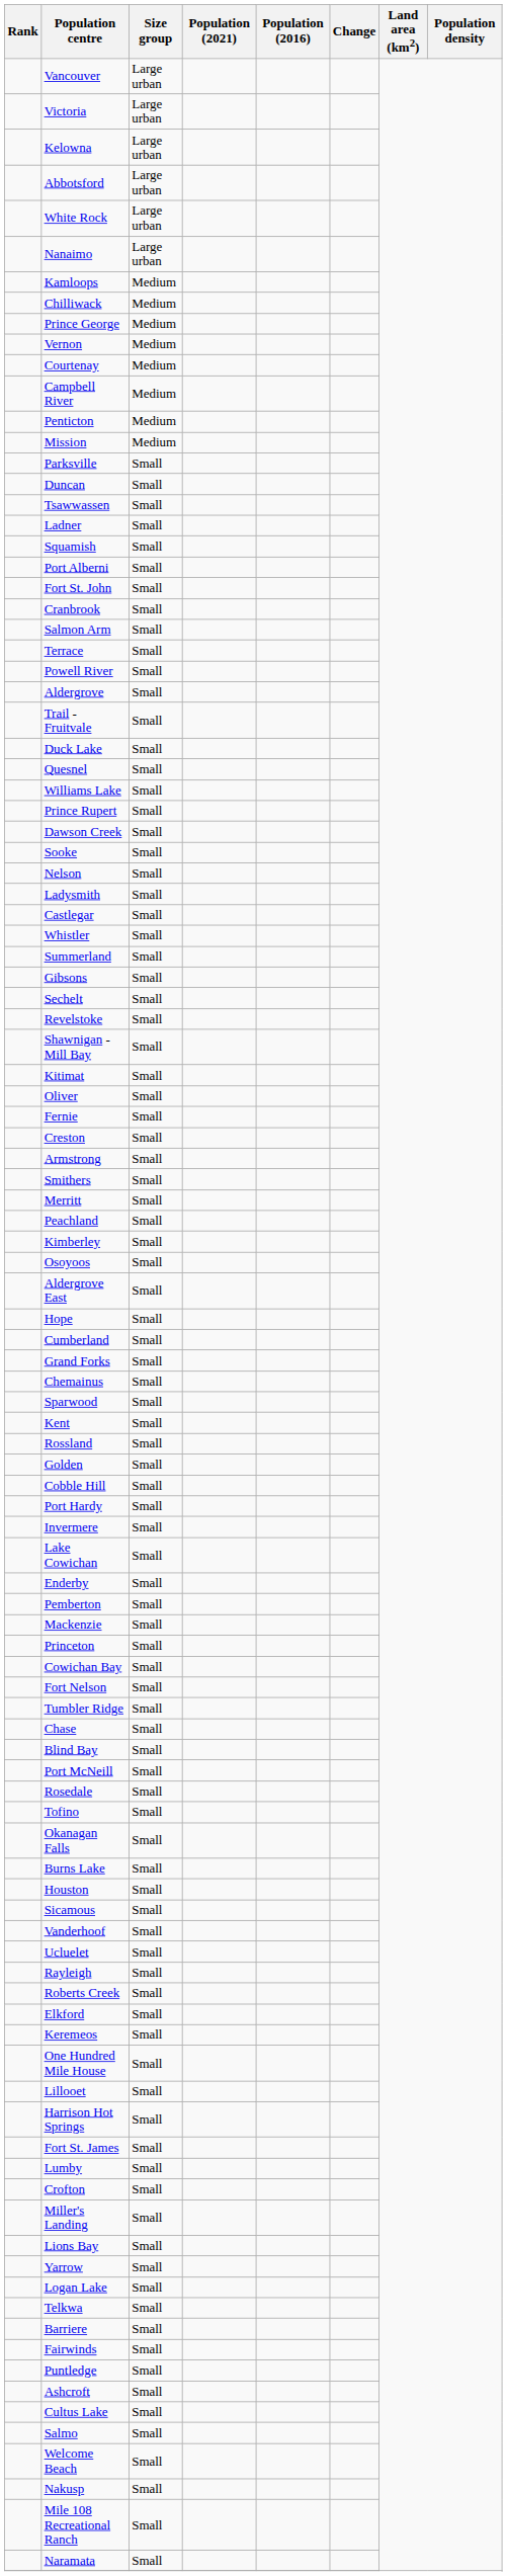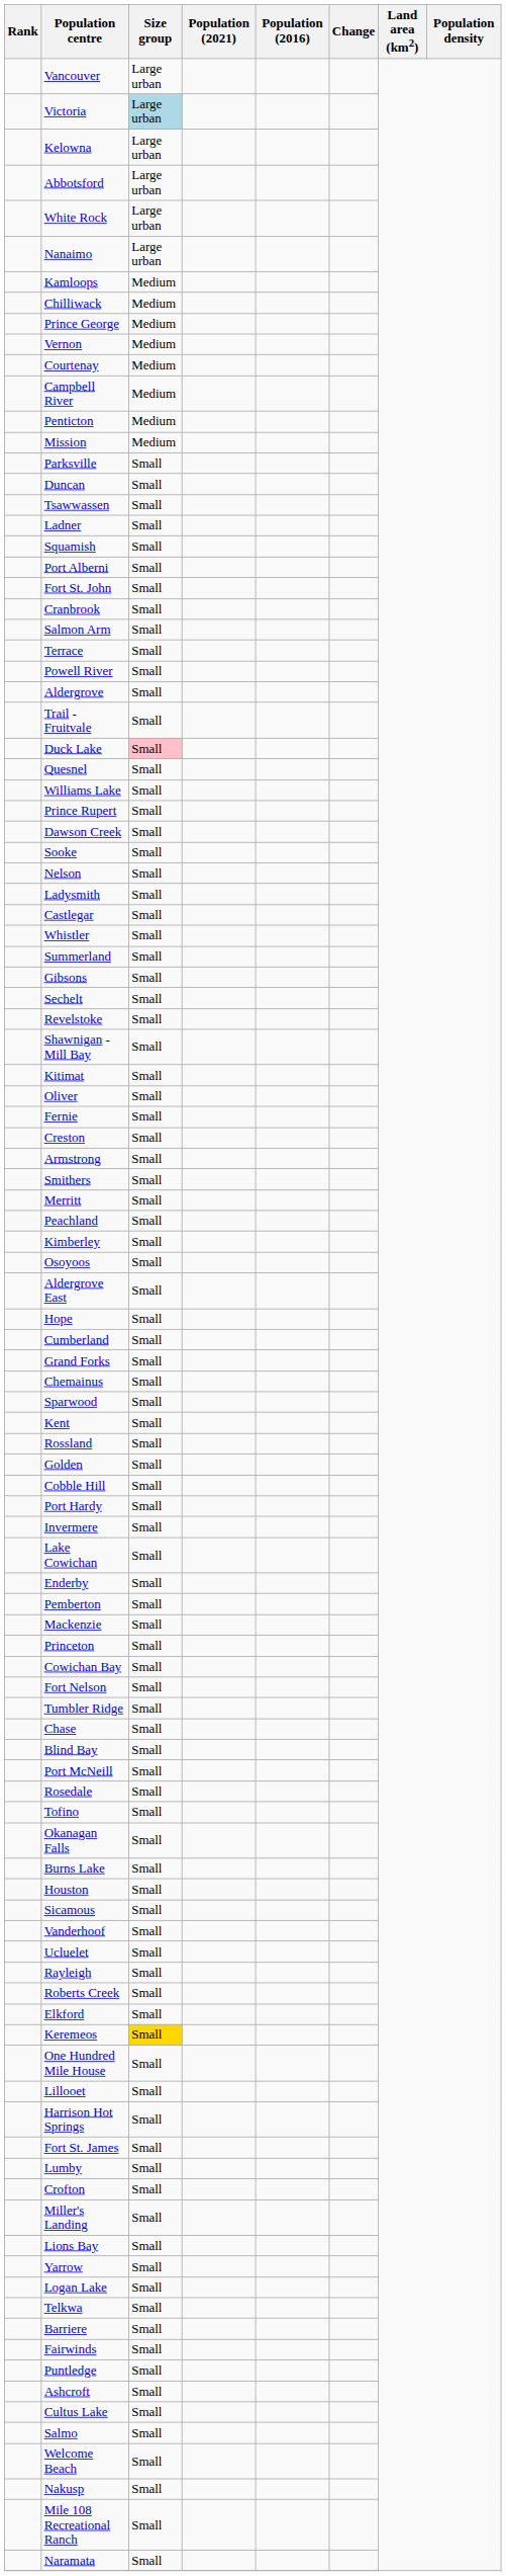 <table class="wikitable sortable">
 <tr>
 <th>Rank</th>
 <th>Population centre</th>
 <th>Size group</th>
 <th>Population (2021)</th>
 <th>Population (2016)</th>
 <th>Change</th>
 <th>Land area (km<sup>2</sup>)</th>
 <th>Population density</th>
 </tr>
 <tr>
 <td scope=row align=center></td>
 <td><a href='#'>Vancouver</a></td>
 <td>Large urban</td>
 <td></td>
 <td align=center></td>
 <td align=center></td>
 </tr>
 <tr>
 <td scope=row align=center></td>
 <td><a href='#'>Victoria</a></td>
-<td>Large urban</td>
+<td style="background: lightblue;">Large urban</td>
 <td></td>
 <td align=center></td>
 <td align=center></td>
 </tr>
 <tr>
 <td scope=row align=center></td>
 <td><a href='#'>Kelowna</a></td>
 <td>Large urban</td>
 <td></td>
 <td align=center></td>
 <td align=center></td>
 </tr>
 <tr>
 <td scope=row align=center></td>
 <td><a href='#'>Abbotsford</a></td>
 <td>Large urban</td>
 <td></td>
 <td align=center></td>
 <td align=center></td>
 </tr>
 <tr>
 <td scope=row align=center></td>
 <td><a href='#'>White Rock</a></td>
 <td>Large urban</td>
 <td></td>
 <td align=center></td>
 <td align=center></td>
 </tr>
 <tr>
 <td scope=row align=center></td>
 <td><a href='#'>Nanaimo</a></td>
 <td>Large urban</td>
 <td></td>
 <td align=center></td>
 <td align=center></td>
 </tr>
 <tr>
 <td scope=row align=center></td>
 <td><a href='#'>Kamloops</a></td>
 <td>Medium</td>
 <td></td>
 <td align=center></td>
 <td align=center></td>
 </tr>
 <tr>
 <td scope=row align=center></td>
 <td><a href='#'>Chilliwack</a></td>
 <td>Medium</td>
 <td></td>
 <td align=center></td>
 <td align=center></td>
 </tr>
 <tr>
 <td scope=row align=center></td>
 <td><a href='#'>Prince George</a></td>
 <td>Medium</td>
 <td></td>
 <td align=center></td>
 <td align=center></td>
 </tr>
 <tr>
 <td scope=row align=center></td>
 <td><a href='#'>Vernon</a></td>
 <td>Medium</td>
 <td></td>
 <td align=center></td>
 <td align=center></td>
 </tr>
 <tr>
 <td scope=row align=center></td>
 <td><a href='#'>Courtenay</a></td>
 <td>Medium</td>
 <td></td>
 <td align=center></td>
 <td align=center></td>
 </tr>
 <tr>
 <td scope=row align=center></td>
 <td><a href='#'>Campbell River</a></td>
 <td>Medium</td>
 <td></td>
 <td align=center></td>
 <td align=center></td>
 </tr>
 <tr>
 <td scope=row align=center></td>
 <td><a href='#'>Penticton</a></td>
 <td>Medium</td>
 <td></td>
 <td align=center></td>
 <td align=center></td>
 </tr>
 <tr>
 <td scope=row align=center></td>
 <td><a href='#'>Mission</a></td>
 <td>Medium</td>
 <td></td>
 <td align=center></td>
 <td align=center></td>
 </tr>
 <tr>
 <td scope=row align=center></td>
 <td><a href='#'>Parksville</a></td>
 <td>Small</td>
 <td></td>
 <td align=center></td>
 <td align=center></td>
 </tr>
 <tr>
 <td scope=row align=center></td>
 <td><a href='#'>Duncan</a></td>
 <td>Small</td>
 <td></td>
 <td align=center></td>
 <td align=center></td>
 </tr>
 <tr>
 <td scope=row align=center></td>
 <td><a href='#'>Tsawwassen</a></td>
 <td>Small</td>
 <td></td>
 <td align=center></td>
 <td align=center></td>
 </tr>
 <tr>
 <td scope=row align=center></td>
 <td><a href='#'>Ladner</a></td>
 <td>Small</td>
 <td></td>
 <td align=center></td>
 <td align=center></td>
 </tr>
 <tr>
 <td scope=row align=center></td>
 <td><a href='#'>Squamish</a></td>
 <td>Small</td>
 <td></td>
 <td align=center></td>
 <td align=center></td>
 </tr>
 <tr>
 <td scope=row align=center></td>
 <td><a href='#'>Port Alberni</a></td>
 <td>Small</td>
 <td></td>
 <td align=center></td>
 <td align=center></td>
 </tr>
 <tr>
 <td scope=row align=center></td>
 <td><a href='#'>Fort St. John</a></td>
 <td>Small</td>
 <td></td>
 <td align=center></td>
 <td align=center></td>
 </tr>
 <tr>
 <td scope=row align=center></td>
 <td><a href='#'>Cranbrook</a></td>
 <td>Small</td>
 <td></td>
 <td align=center></td>
 <td align=center></td>
 </tr>
 <tr>
 <td scope=row align=center></td>
 <td><a href='#'>Salmon Arm</a></td>
 <td>Small</td>
 <td></td>
 <td align=center></td>
 <td align=center></td>
 </tr>
 <tr>
 <td scope=row align=center></td>
 <td><a href='#'>Terrace</a></td>
 <td>Small</td>
 <td></td>
 <td align=center></td>
 <td align=center></td>
 </tr>
 <tr>
 <td scope=row align=center></td>
 <td><a href='#'>Powell River</a></td>
 <td>Small</td>
 <td></td>
 <td align=center></td>
 <td align=center></td>
 </tr>
 <tr>
 <td scope=row align=center></td>
 <td><a href='#'>Aldergrove</a></td>
 <td>Small</td>
 <td></td>
 <td align=center></td>
 <td align=center></td>
 </tr>
 <tr>
 <td scope=row align=center></td>
 <td><a href='#'>Trail</a> - <a href='#'>Fruitvale</a></td>
 <td>Small</td>
 <td></td>
 <td align=center></td>
 <td align=center></td>
 </tr>
 <tr>
 <td scope=row align=center></td>
 <td><a href='#'>Duck Lake</a></td>
-<td>Small</td>
+<td style="background: pink;">Small</td>
 <td></td>
 <td align=center></td>
 <td align=center></td>
 </tr>
 <tr>
 <td scope=row align=center></td>
 <td><a href='#'>Quesnel</a></td>
 <td>Small</td>
 <td></td>
 <td align=center></td>
 <td align=center></td>
 </tr>
 <tr>
 <td scope=row align=center></td>
 <td><a href='#'>Williams Lake</a></td>
 <td>Small</td>
 <td></td>
 <td align=center></td>
 <td align=center></td>
 </tr>
 <tr>
 <td scope=row align=center></td>
 <td><a href='#'>Prince Rupert</a></td>
 <td>Small</td>
 <td></td>
 <td align=center></td>
 <td align=center></td>
 </tr>
 <tr>
 <td scope=row align=center></td>
 <td><a href='#'>Dawson Creek</a></td>
 <td>Small</td>
 <td></td>
 <td align=center></td>
 <td align=center></td>
 </tr>
 <tr>
 <td scope=row align=center></td>
 <td><a href='#'>Sooke</a></td>
 <td>Small</td>
 <td></td>
 <td align=center></td>
 <td align=center></td>
 </tr>
 <tr>
 <td scope=row align=center></td>
 <td><a href='#'>Nelson</a></td>
 <td>Small</td>
 <td></td>
 <td align=center></td>
 <td align=center></td>
 </tr>
 <tr>
 <td scope=row align=center></td>
 <td><a href='#'>Ladysmith</a></td>
 <td>Small</td>
 <td></td>
 <td align=center></td>
 <td align=center></td>
 </tr>
 <tr>
 <td scope=row align=center></td>
 <td><a href='#'>Castlegar</a></td>
 <td>Small</td>
 <td></td>
 <td align=center></td>
 <td align=center></td>
 </tr>
 <tr>
 <td scope=row align=center></td>
 <td><a href='#'>Whistler</a></td>
 <td>Small</td>
 <td></td>
 <td align=center></td>
 <td align=center></td>
 </tr>
 <tr>
 <td scope=row align=center></td>
 <td><a href='#'>Summerland</a></td>
 <td>Small</td>
 <td></td>
 <td align=center></td>
 <td align=center></td>
 </tr>
 <tr>
 <td scope=row align=center></td>
 <td><a href='#'>Gibsons</a></td>
 <td>Small</td>
 <td></td>
 <td align=center></td>
 <td align=center></td>
 </tr>
 <tr>
 <td scope=row align=center></td>
 <td><a href='#'>Sechelt</a></td>
 <td>Small</td>
 <td></td>
 <td align=center></td>
 <td align=center></td>
 </tr>
 <tr>
 <td scope=row align=center></td>
 <td><a href='#'>Revelstoke</a></td>
 <td>Small</td>
 <td></td>
 <td align=center></td>
 <td align=center></td>
 </tr>
 <tr>
 <td scope=row align=center></td>
 <td><a href='#'>Shawnigan</a> - <a href='#'>Mill Bay</a></td>
 <td>Small</td>
 <td></td>
 <td align=center></td>
 <td align=center></td>
 </tr>
 <tr>
 <td scope=row align=center></td>
 <td><a href='#'>Kitimat</a></td>
 <td>Small</td>
 <td></td>
 <td align=center></td>
 <td align=center></td>
 </tr>
 <tr>
 <td scope=row align=center></td>
 <td><a href='#'>Oliver</a></td>
 <td>Small</td>
 <td></td>
 <td align=center></td>
 <td align=center></td>
 </tr>
 <tr>
 <td scope=row align=center></td>
 <td><a href='#'>Fernie</a></td>
 <td>Small</td>
 <td></td>
 <td align=center></td>
 <td align=center></td>
 </tr>
 <tr>
 <td scope=row align=center></td>
 <td><a href='#'>Creston</a></td>
 <td>Small</td>
 <td></td>
 <td align=center></td>
 <td align=center></td>
 </tr>
 <tr>
 <td scope=row align=center></td>
 <td><a href='#'>Armstrong</a></td>
 <td>Small</td>
 <td></td>
 <td align=center></td>
 <td align=center></td>
 </tr>
 <tr>
 <td scope=row align=center></td>
 <td><a href='#'>Smithers</a></td>
 <td>Small</td>
 <td></td>
 <td align=center></td>
 <td align=center></td>
 </tr>
 <tr>
 <td scope=row align=center></td>
 <td><a href='#'>Merritt</a></td>
 <td>Small</td>
 <td></td>
 <td align=center></td>
 <td align=center></td>
 </tr>
 <tr>
 <td scope=row align=center></td>
 <td><a href='#'>Peachland</a></td>
 <td>Small</td>
 <td></td>
 <td align=center></td>
 <td align=center></td>
 </tr>
 <tr>
 <td scope=row align=center></td>
 <td><a href='#'>Kimberley</a></td>
 <td>Small</td>
 <td></td>
 <td align=center></td>
 <td align=center></td>
 </tr>
 <tr>
 <td scope=row align=center></td>
 <td><a href='#'>Osoyoos</a></td>
 <td>Small</td>
 <td></td>
 <td align=center></td>
 <td align=center></td>
 </tr>
 <tr>
 <td scope=row align=center></td>
 <td><a href='#'>Aldergrove East</a></td>
 <td>Small</td>
 <td></td>
 <td align=center></td>
 <td align=center></td>
 </tr>
 <tr>
 <td scope=row align=center></td>
 <td><a href='#'>Hope</a></td>
 <td>Small</td>
 <td></td>
 <td align=center></td>
 <td align=center></td>
 </tr>
 <tr>
 <td scope=row align=center></td>
 <td><a href='#'>Cumberland</a></td>
 <td>Small</td>
 <td></td>
 <td align=center></td>
 <td align=center></td>
 </tr>
 <tr>
 <td scope=row align=center></td>
 <td><a href='#'>Grand Forks</a></td>
 <td>Small</td>
 <td></td>
 <td align=center></td>
 <td align=center></td>
 </tr>
 <tr>
 <td scope=row align=center></td>
 <td><a href='#'>Chemainus</a></td>
 <td>Small</td>
 <td></td>
 <td align=center></td>
 <td align=center></td>
 </tr>
 <tr>
 <td scope=row align=center></td>
 <td><a href='#'>Sparwood</a></td>
 <td>Small</td>
 <td></td>
 <td align=center></td>
 <td align=center></td>
 </tr>
 <tr>
 <td scope=row align=center></td>
 <td><a href='#'>Kent</a></td>
 <td>Small</td>
 <td></td>
 <td align=center></td>
 <td align=center></td>
 </tr>
 <tr>
 <td scope=row align=center></td>
 <td><a href='#'>Rossland</a></td>
 <td>Small</td>
 <td></td>
 <td align=center></td>
 <td align=center></td>
 </tr>
 <tr>
 <td scope=row align=center></td>
 <td><a href='#'>Golden</a></td>
 <td>Small</td>
 <td></td>
 <td align=center></td>
 <td align=center></td>
 </tr>
 <tr>
 <td scope=row align=center></td>
 <td><a href='#'>Cobble Hill</a></td>
 <td>Small</td>
 <td></td>
 <td align=center></td>
 <td align=center></td>
 </tr>
 <tr>
 <td scope=row align=center></td>
 <td><a href='#'>Port Hardy</a></td>
 <td>Small</td>
 <td></td>
 <td align=center></td>
 <td align=center></td>
 </tr>
 <tr>
 <td scope=row align=center></td>
 <td><a href='#'>Invermere</a></td>
 <td>Small</td>
 <td></td>
 <td align=center></td>
 <td align=center></td>
 </tr>
 <tr>
 <td scope=row align=center></td>
 <td><a href='#'>Lake Cowichan</a></td>
 <td>Small</td>
 <td></td>
 <td align=center></td>
 <td align=center></td>
 </tr>
 <tr>
 <td scope=row align=center></td>
 <td><a href='#'>Enderby</a></td>
 <td>Small</td>
 <td></td>
 <td align=center></td>
 <td align=center></td>
 </tr>
 <tr>
 <td scope=row align=center></td>
 <td><a href='#'>Pemberton</a></td>
 <td>Small</td>
 <td></td>
 <td align=center></td>
 <td align=center></td>
 </tr>
 <tr>
 <td scope=row align=center></td>
 <td><a href='#'>Mackenzie</a></td>
 <td>Small</td>
 <td></td>
 <td align=center></td>
 <td align=center></td>
 </tr>
 <tr>
 <td scope=row align=center></td>
 <td><a href='#'>Princeton</a></td>
 <td>Small</td>
 <td></td>
 <td align=center></td>
 <td align=center></td>
 </tr>
 <tr>
 <td scope=row align=center></td>
 <td><a href='#'>Cowichan Bay</a></td>
 <td>Small</td>
 <td></td>
 <td align=center></td>
 <td align=center></td>
 </tr>
 <tr>
 <td scope=row align=center></td>
 <td><a href='#'>Fort Nelson</a></td>
 <td>Small</td>
 <td></td>
 <td align=center></td>
 <td align=center></td>
 </tr>
 <tr>
 <td scope=row align=center></td>
 <td><a href='#'>Tumbler Ridge</a></td>
 <td>Small</td>
 <td></td>
 <td align=center></td>
 <td align=center></td>
 </tr>
 <tr>
 <td scope=row align=center></td>
 <td><a href='#'>Chase</a></td>
 <td>Small</td>
 <td></td>
 <td align=center></td>
 <td align=center></td>
 </tr>
 <tr>
 <td scope=row align=center></td>
 <td><a href='#'>Blind Bay</a></td>
 <td>Small</td>
 <td></td>
 <td align=center></td>
 <td align=center></td>
 </tr>
 <tr>
 <td scope=row align=center></td>
 <td><a href='#'>Port McNeill</a></td>
 <td>Small</td>
 <td></td>
 <td align=center></td>
 <td align=center></td>
 </tr>
 <tr>
 <td scope=row align=center></td>
 <td><a href='#'>Rosedale</a></td>
 <td>Small</td>
 <td></td>
 <td align=center></td>
 <td align=center></td>
 </tr>
 <tr>
 <td scope=row align=center></td>
 <td><a href='#'>Tofino</a></td>
 <td>Small</td>
 <td></td>
 <td align=center></td>
 <td align=center></td>
 </tr>
 <tr>
 <td scope=row align=center></td>
 <td><a href='#'>Okanagan Falls</a></td>
 <td>Small</td>
 <td></td>
 <td align=center></td>
 <td align=center></td>
 </tr>
 <tr>
 <td scope=row align=center></td>
 <td><a href='#'>Burns Lake</a></td>
 <td>Small</td>
 <td></td>
 <td align=center></td>
 <td align=center></td>
 </tr>
 <tr>
 <td scope=row align=center></td>
 <td><a href='#'>Houston</a></td>
 <td>Small</td>
 <td></td>
 <td align=center></td>
 <td align=center></td>
 </tr>
 <tr>
 <td scope=row align=center></td>
 <td><a href='#'>Sicamous</a></td>
 <td>Small</td>
 <td></td>
 <td align=center></td>
 <td align=center></td>
 </tr>
 <tr>
 <td scope=row align=center></td>
 <td><a href='#'>Vanderhoof</a></td>
 <td>Small</td>
 <td></td>
 <td align=center></td>
 <td align=center></td>
 </tr>
 <tr>
 <td scope=row align=center></td>
 <td><a href='#'>Ucluelet</a></td>
 <td>Small</td>
 <td></td>
 <td align=center></td>
 <td align=center></td>
 </tr>
 <tr>
 <td scope=row align=center></td>
 <td><a href='#'>Rayleigh</a></td>
 <td>Small</td>
 <td></td>
 <td align=center></td>
 <td align=center></td>
 </tr>
 <tr>
 <td scope=row align=center></td>
 <td><a href='#'>Roberts Creek</a></td>
 <td>Small</td>
 <td></td>
 <td align=center></td>
 <td align=center></td>
 </tr>
 <tr>
 <td scope=row align=center></td>
 <td><a href='#'>Elkford</a></td>
 <td>Small</td>
 <td></td>
 <td align=center></td>
 <td align=center></td>
 </tr>
 <tr>
 <td scope=row align=center></td>
 <td><a href='#'>Keremeos</a></td>
-<td>Small</td>
+<td style="background: gold;">Small</td>
 <td></td>
 <td align=center></td>
 <td align=center></td>
 </tr>
 <tr>
 <td scope=row align=center></td>
 <td><a href='#'>One Hundred Mile House</a></td>
 <td>Small</td>
 <td></td>
 <td align=center></td>
 <td align=center></td>
 </tr>
 <tr>
 <td scope=row align=center></td>
 <td><a href='#'>Lillooet</a></td>
 <td>Small</td>
 <td></td>
 <td align=center></td>
 <td align=center></td>
 </tr>
 <tr>
 <td scope=row align=center></td>
 <td><a href='#'>Harrison Hot Springs</a></td>
 <td>Small</td>
 <td></td>
 <td align=center></td>
 <td align=center></td>
 </tr>
 <tr>
 <td scope=row align=center></td>
 <td><a href='#'>Fort St. James</a></td>
 <td>Small</td>
 <td></td>
 <td align=center></td>
 <td align=center></td>
 </tr>
 <tr>
 <td scope=row align=center></td>
 <td><a href='#'>Lumby</a></td>
 <td>Small</td>
 <td></td>
 <td align=center></td>
 <td align=center></td>
 </tr>
 <tr>
 <td scope=row align=center></td>
 <td><a href='#'>Crofton</a></td>
 <td>Small</td>
 <td></td>
 <td align=center></td>
 <td align=center></td>
 </tr>
 <tr>
 <td scope=row align=center></td>
 <td><a href='#'>Miller's Landing</a></td>
 <td>Small</td>
 <td></td>
 <td align=center></td>
 <td align=center></td>
 </tr>
 <tr>
 <td scope=row align=center></td>
 <td><a href='#'>Lions Bay</a></td>
 <td>Small</td>
 <td></td>
 <td align=center></td>
 <td align=center></td>
 </tr>
 <tr>
 <td scope=row align=center></td>
 <td><a href='#'>Yarrow</a></td>
 <td>Small</td>
 <td></td>
 <td align=center></td>
 <td align=center></td>
 </tr>
 <tr>
 <td scope=row align=center></td>
 <td><a href='#'>Logan Lake</a></td>
 <td>Small</td>
 <td></td>
 <td align=center></td>
 <td align=center></td>
 </tr>
 <tr>
 <td scope=row align=center></td>
 <td><a href='#'>Telkwa</a></td>
 <td>Small</td>
 <td></td>
 <td align=center></td>
 <td align=center></td>
 </tr>
 <tr>
 <td scope=row align=center></td>
 <td><a href='#'>Barriere</a></td>
 <td>Small</td>
 <td></td>
 <td align=center></td>
 <td align=center></td>
 </tr>
 <tr>
 <td scope=row align=center></td>
 <td><a href='#'>Fairwinds</a></td>
 <td>Small</td>
 <td></td>
 <td align=center></td>
 <td align=center></td>
 </tr>
 <tr>
 <td scope=row align=center></td>
 <td><a href='#'>Puntledge</a></td>
 <td>Small</td>
 <td></td>
 <td align=center></td>
 <td align=center></td>
 </tr>
 <tr>
 <td scope=row align=center></td>
 <td><a href='#'>Ashcroft</a></td>
 <td>Small</td>
 <td></td>
 <td align=center></td>
 <td align=center></td>
 </tr>
 <tr>
 <td scope=row align=center></td>
 <td><a href='#'>Cultus Lake</a></td>
 <td>Small</td>
 <td></td>
 <td align=center></td>
 <td align=center></td>
 </tr>
 <tr>
 <td scope=row align=center></td>
 <td><a href='#'>Salmo</a></td>
 <td>Small</td>
 <td></td>
 <td align=center></td>
 <td align=center></td>
 </tr>
 <tr>
 <td scope=row align=center></td>
 <td><a href='#'>Welcome Beach</a></td>
 <td>Small</td>
 <td></td>
 <td align=center></td>
 <td align=center></td>
 </tr>
 <tr>
 <td scope=row align=center></td>
 <td><a href='#'>Nakusp</a></td>
 <td>Small</td>
 <td></td>
 <td align=center></td>
 <td align=center></td>
 </tr>
 <tr>
 <td scope=row align=center></td>
 <td><a href='#'>Mile 108 Recreational Ranch</a></td>
 <td>Small</td>
 <td></td>
 <td align=center></td>
 <td align=center></td>
 </tr>
 <tr>
 <td scope=row align=center></td>
 <td><a href='#'>Naramata</a></td>
 <td>Small</td>
 <td></td>
 <td align=center></td>
 <td align=center></td>
 </tr>
 <tr>
 </tr>
 </table>
